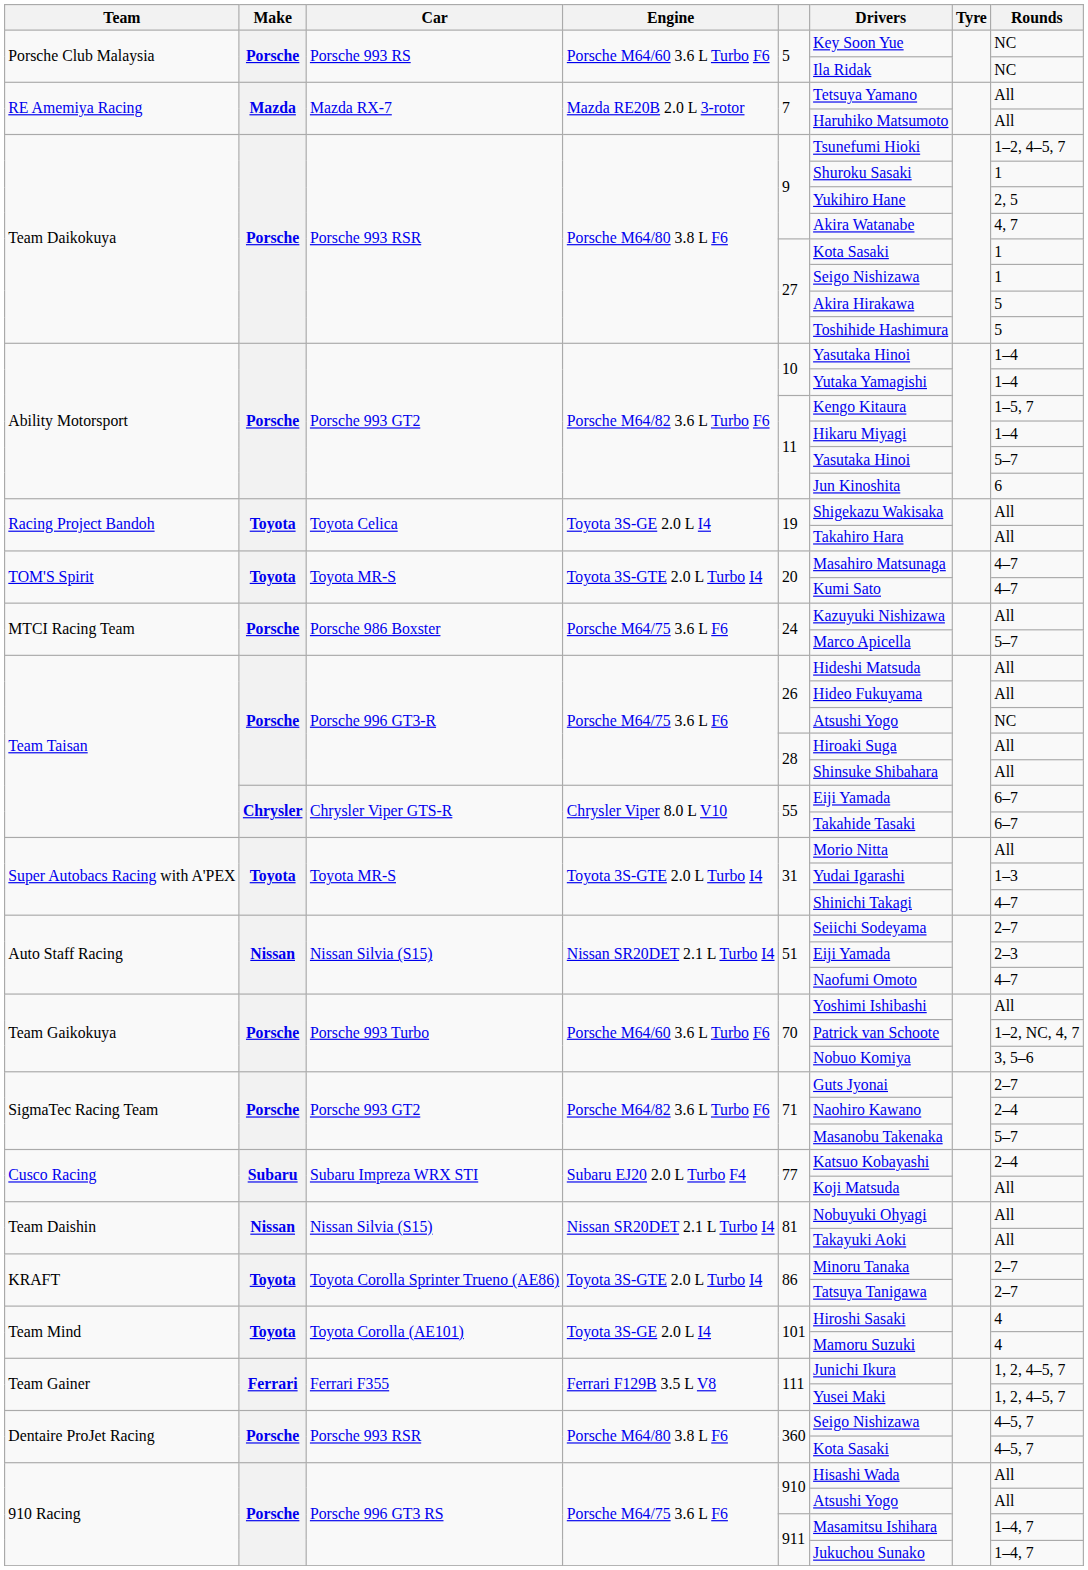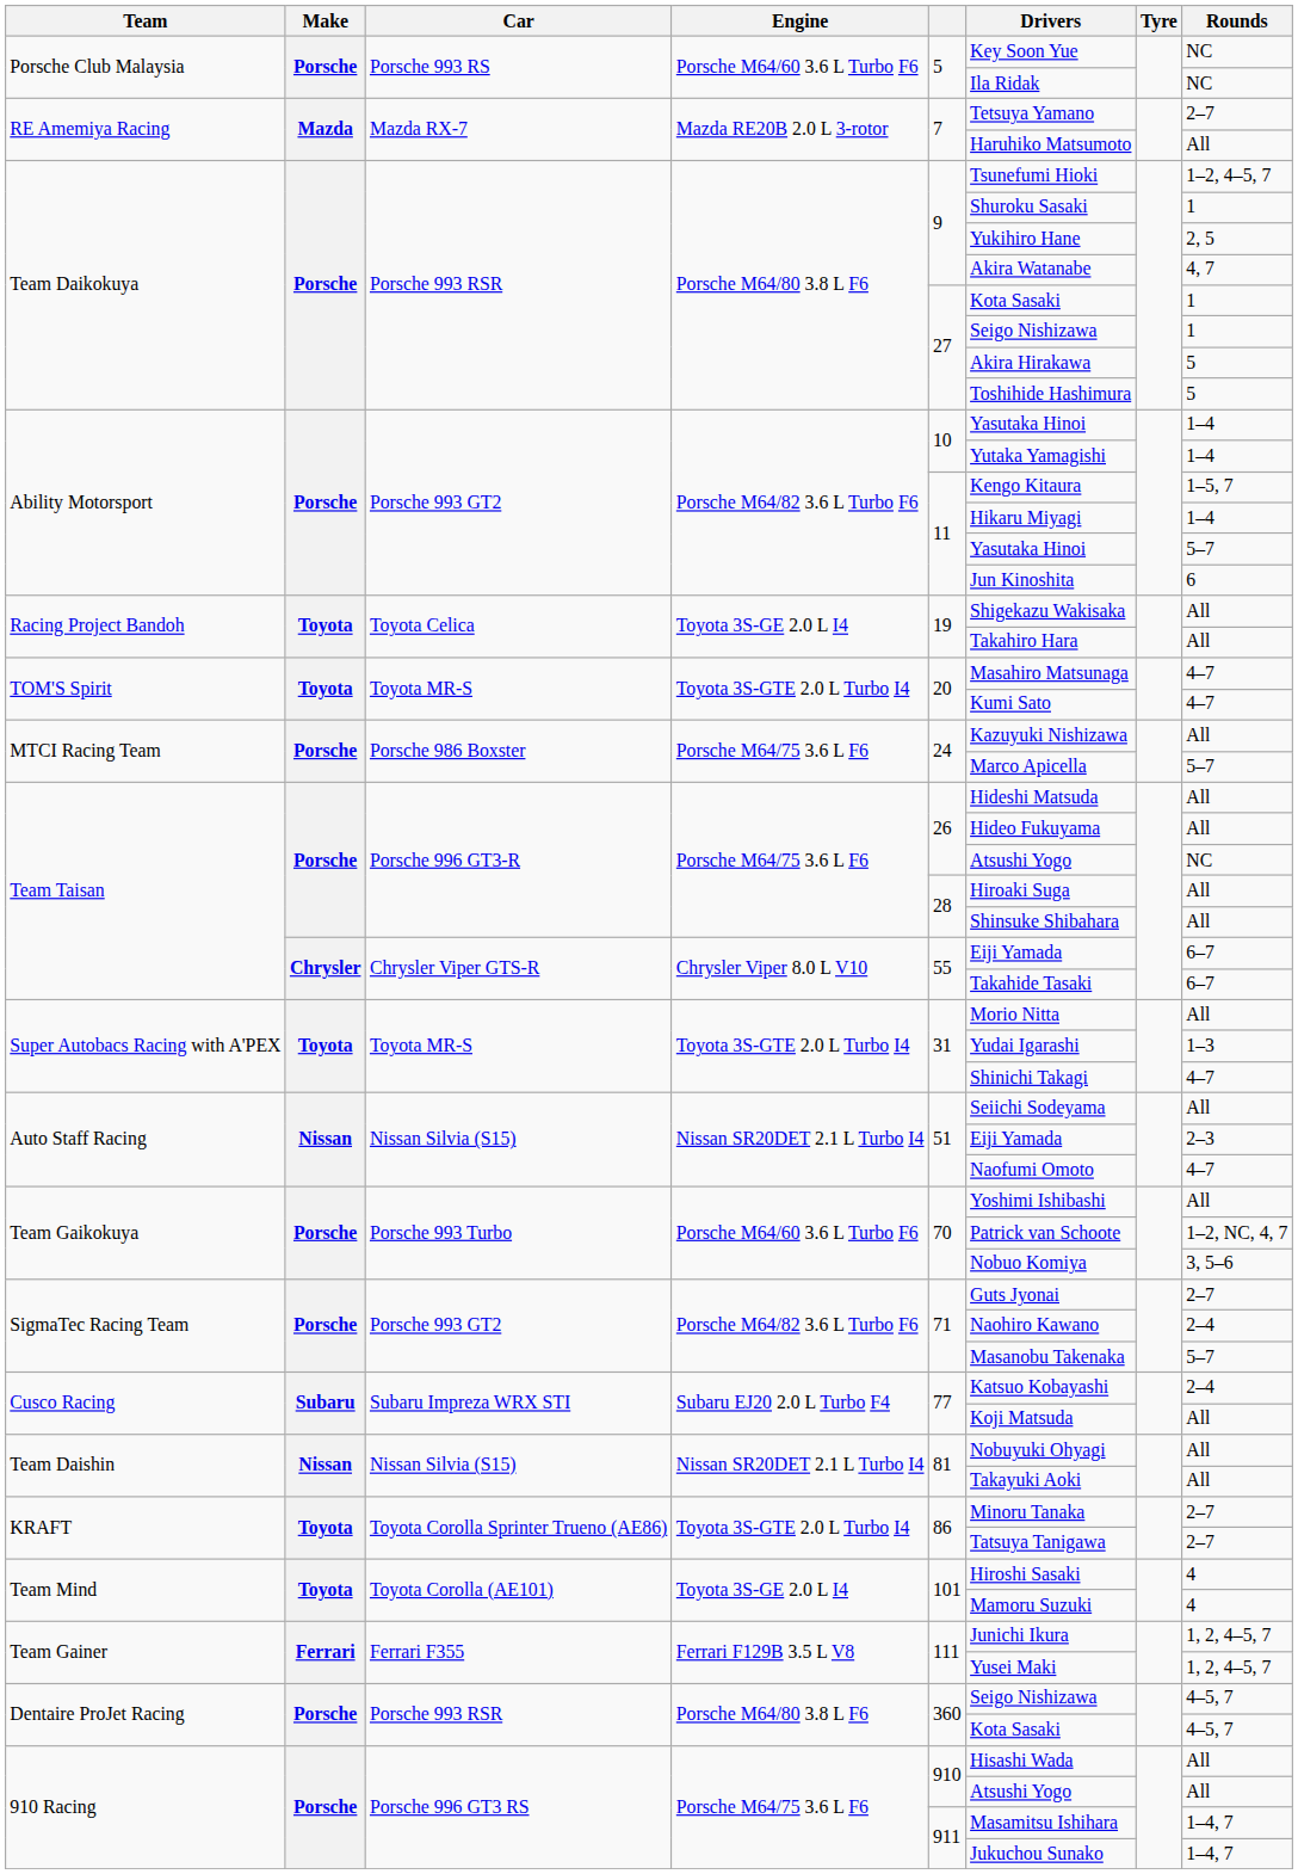 <table class="wikitable" style="font-size: 85%;">
 <tr>
 <th>Team</th>
 <th>Make</th>
 <th>Car</th>
 <th>Engine</th>
 <th></th>
 <th>Drivers</th>
 <th>Tyre</th>
 <th>Rounds</th>
 </tr>
 <tr>
 <td rowspan=2>Porsche Club Malaysia</td>
 <th rowspan=2><a href='#'>Porsche</a></th>
 <td rowspan=2><a href='#'>Porsche 993 RS</a></td>
 <td rowspan=2><a href='#'>Porsche M64/60</a> 3.6 L <a href='#'>Turbo</a> <a href='#'>F6</a></td>
 <td rowspan=2>5</td>
 <td> <a href='#'>Key Soon Yue</a></td>
 <td rowspan=2 align="center"></td>
 <td>NC</td>
 </tr>
 <tr>
 <td> <a href='#'>Ila Ridak</a></td>
 <td>NC</td>
 </tr>
 <tr>
 <td rowspan=2><a href='#'>RE Amemiya Racing</a></td>
 <th rowspan=2><a href='#'>Mazda</a></th>
 <td rowspan=2><a href='#'>Mazda RX-7</a></td>
 <td rowspan=2><a href='#'>Mazda RE20B</a> 2.0 L <a href='#'>3-rotor</a></td>
 <td rowspan=2>7</td>
 <td> <a href='#'>Tetsuya Yamano</a></td>
 <td align="center" rowspan=2></td>
-<td>All</td>
+<td>2–7</td>
 </tr>
 <tr>
 <td> <a href='#'>Haruhiko Matsumoto</a></td>
 <td>All</td>
 </tr>
 <tr>
 <td rowspan=8>Team Daikokuya</td>
 <th rowspan=8><a href='#'>Porsche</a></th>
 <td rowspan=8><a href='#'>Porsche 993 RSR</a></td>
 <td rowspan=8><a href='#'>Porsche M64/80</a> 3.8 L <a href='#'>F6</a></td>
 <td rowspan=4>9</td>
 <td> <a href='#'>Tsunefumi Hioki</a></td>
 <td align="center" rowspan=8></td>
 <td>1–2, 4–5, 7</td>
 </tr>
 <tr>
 <td> <a href='#'>Shuroku Sasaki</a></td>
 <td>1</td>
 </tr>
 <tr>
 <td> <a href='#'>Yukihiro Hane</a></td>
 <td>2, 5</td>
 </tr>
 <tr>
 <td> <a href='#'>Akira Watanabe</a></td>
 <td>4, 7</td>
 </tr>
 <tr>
 <td rowspan=4>27</td>
 <td> <a href='#'>Kota Sasaki</a></td>
 <td>1</td>
 </tr>
 <tr>
 <td> <a href='#'>Seigo Nishizawa</a></td>
 <td>1</td>
 </tr>
 <tr>
 <td> <a href='#'>Akira Hirakawa</a></td>
 <td>5</td>
 </tr>
 <tr>
 <td> <a href='#'>Toshihide Hashimura</a></td>
 <td>5</td>
 </tr>
 <tr>
 <td rowspan=6>Ability Motorsport</td>
 <th rowspan=6><a href='#'>Porsche</a></th>
 <td rowspan=6><a href='#'>Porsche 993 GT2</a></td>
 <td rowspan=6><a href='#'>Porsche M64/82</a> 3.6 L <a href='#'>Turbo</a> <a href='#'>F6</a></td>
 <td rowspan=2>10</td>
 <td> <a href='#'>Yasutaka Hinoi</a></td>
 <td align="center" rowspan=6></td>
 <td>1–4</td>
 </tr>
 <tr>
 <td> <a href='#'>Yutaka Yamagishi</a></td>
 <td>1–4</td>
 </tr>
 <tr>
 <td rowspan=4>11</td>
 <td> <a href='#'>Kengo Kitaura</a></td>
 <td>1–5, 7</td>
 </tr>
 <tr>
 <td> <a href='#'>Hikaru Miyagi</a></td>
 <td>1–4</td>
 </tr>
 <tr>
 <td> <a href='#'>Yasutaka Hinoi</a></td>
 <td>5–7</td>
 </tr>
 <tr>
 <td> <a href='#'>Jun Kinoshita</a></td>
 <td>6</td>
 </tr>
 <tr>
 <td rowspan=2><a href='#'>Racing Project Bandoh</a></td>
 <th rowspan=2><a href='#'>Toyota</a></th>
 <td rowspan=2><a href='#'>Toyota Celica</a></td>
 <td rowspan=2><a href='#'>Toyota 3S-GE</a> 2.0 L <a href='#'>I4</a></td>
 <td rowspan=2>19</td>
 <td> <a href='#'>Shigekazu Wakisaka</a></td>
 <td rowspan=2 align="center"></td>
 <td>All</td>
 </tr>
 <tr>
 <td> <a href='#'>Takahiro Hara</a></td>
 <td>All</td>
 </tr>
 <tr>
 <td rowspan=2><a href='#'>TOM'S Spirit</a></td>
 <th rowspan=2><a href='#'>Toyota</a></th>
 <td rowspan=2><a href='#'>Toyota MR-S</a></td>
 <td rowspan=2><a href='#'>Toyota 3S-GTE</a> 2.0 L <a href='#'>Turbo</a> <a href='#'>I4</a></td>
 <td rowspan=2>20</td>
 <td> <a href='#'>Masahiro Matsunaga</a></td>
 <td rowspan=2 align="center"></td>
 <td>4–7</td>
 </tr>
 <tr>
 <td> <a href='#'>Kumi Sato</a></td>
 <td>4–7</td>
 </tr>
 <tr>
 <td rowspan=2>MTCI Racing Team</td>
 <th rowspan=2><a href='#'>Porsche</a></th>
 <td rowspan=2><a href='#'>Porsche 986 Boxster</a></td>
 <td rowspan=2><a href='#'>Porsche M64/75</a> 3.6 L <a href='#'>F6</a></td>
 <td rowspan=2>24</td>
 <td> <a href='#'>Kazuyuki Nishizawa</a></td>
 <td rowspan=2 align="center"></td>
 <td>All</td>
 </tr>
 <tr>
 <td> <a href='#'>Marco Apicella</a></td>
 <td>5–7</td>
 </tr>
 <tr>
 <td rowspan=7><a href='#'>Team Taisan</a></td>
 <th rowspan=5><a href='#'>Porsche</a></th>
 <td rowspan=5><a href='#'>Porsche 996 GT3-R</a></td>
 <td rowspan=5><a href='#'>Porsche M64/75</a> 3.6 L <a href='#'>F6</a></td>
 <td rowspan=3>26</td>
 <td> <a href='#'>Hideshi Matsuda</a></td>
 <td align="center" rowspan=7></td>
 <td>All</td>
 </tr>
 <tr>
 <td> <a href='#'>Hideo Fukuyama</a></td>
 <td>All</td>
 </tr>
 <tr>
 <td> <a href='#'>Atsushi Yogo</a></td>
 <td>NC</td>
 </tr>
 <tr>
 <td rowspan=2>28</td>
 <td> <a href='#'>Hiroaki Suga</a></td>
 <td>All</td>
 </tr>
 <tr>
 <td> <a href='#'>Shinsuke Shibahara</a></td>
 <td>All</td>
 </tr>
 <tr>
 <th rowspan=2><a href='#'>Chrysler</a></th>
 <td rowspan=2><a href='#'>Chrysler Viper GTS-R</a></td>
 <td rowspan=2><a href='#'>Chrysler Viper</a> 8.0 L <a href='#'>V10</a></td>
 <td rowspan=2>55</td>
 <td> <a href='#'>Eiji Yamada</a></td>
 <td>6–7</td>
 </tr>
 <tr>
 <td> <a href='#'>Takahide Tasaki</a></td>
 <td>6–7</td>
 </tr>
 <tr>
 <td rowspan=3><a href='#'>Super Autobacs Racing</a> with A'PEX</td>
 <th rowspan=3><a href='#'>Toyota</a></th>
 <td rowspan=3><a href='#'>Toyota MR-S</a></td>
 <td rowspan=3><a href='#'>Toyota 3S-GTE</a> 2.0 L <a href='#'>Turbo</a> <a href='#'>I4</a></td>
 <td rowspan=3>31</td>
 <td> <a href='#'>Morio Nitta</a></td>
 <td rowspan=3 align="center"></td>
 <td>All</td>
 </tr>
 <tr>
 <td> <a href='#'>Yudai Igarashi</a></td>
 <td>1–3</td>
 </tr>
 <tr>
 <td> <a href='#'>Shinichi Takagi</a></td>
 <td>4–7</td>
 </tr>
 <tr>
 <td rowspan=3>Auto Staff Racing</td>
 <th rowspan=3><a href='#'>Nissan</a></th>
 <td rowspan=3><a href='#'>Nissan Silvia (S15)</a></td>
 <td rowspan=3><a href='#'>Nissan SR20DET</a> 2.1 L <a href='#'>Turbo</a> <a href='#'>I4</a></td>
 <td rowspan=3>51</td>
 <td> <a href='#'>Seiichi Sodeyama</a></td>
 <td rowspan=3 align="center"></td>
-<td>2–7</td>
+<td>All</td>
 </tr>
 <tr>
 <td> <a href='#'>Eiji Yamada</a></td>
 <td>2–3</td>
 </tr>
 <tr>
 <td> <a href='#'>Naofumi Omoto</a></td>
 <td>4–7</td>
 </tr>
 <tr>
 <td rowspan=3>Team Gaikokuya</td>
 <th rowspan=3><a href='#'>Porsche</a></th>
 <td rowspan=3><a href='#'>Porsche 993 Turbo</a></td>
 <td rowspan=3><a href='#'>Porsche M64/60</a> 3.6 L <a href='#'>Turbo</a> <a href='#'>F6</a></td>
 <td rowspan=3>70</td>
 <td> <a href='#'>Yoshimi Ishibashi</a></td>
 <td rowspan=3 align="center"></td>
 <td>All</td>
 </tr>
 <tr>
 <td> <a href='#'>Patrick van Schoote</a></td>
 <td>1–2, NC, 4, 7</td>
 </tr>
 <tr>
 <td> <a href='#'>Nobuo Komiya</a></td>
 <td>3, 5–6</td>
 </tr>
 <tr>
 <td rowspan=3>SigmaTec Racing Team</td>
 <th rowspan=3><a href='#'>Porsche</a></th>
 <td rowspan=3><a href='#'>Porsche 993 GT2</a></td>
 <td rowspan=3><a href='#'>Porsche M64/82</a> 3.6 L <a href='#'>Turbo</a> <a href='#'>F6</a></td>
 <td rowspan=3>71</td>
 <td> <a href='#'>Guts Jyonai</a></td>
 <td rowspan=3 align="center"></td>
 <td>2–7</td>
 </tr>
 <tr>
 <td> <a href='#'>Naohiro Kawano</a></td>
 <td>2–4</td>
 </tr>
 <tr>
 <td> <a href='#'>Masanobu Takenaka</a></td>
 <td>5–7</td>
 </tr>
 <tr>
 <td rowspan=2><a href='#'>Cusco Racing</a></td>
 <th rowspan=2><a href='#'>Subaru</a></th>
 <td rowspan=2><a href='#'>Subaru Impreza WRX STI</a></td>
 <td rowspan=2><a href='#'>Subaru EJ20</a> 2.0 L <a href='#'>Turbo</a> <a href='#'>F4</a></td>
 <td rowspan=2>77</td>
 <td> <a href='#'>Katsuo Kobayashi</a></td>
 <td rowspan=2 align="center"></td>
 <td>2–4</td>
 </tr>
 <tr>
 <td> <a href='#'>Koji Matsuda</a></td>
 <td>All</td>
 </tr>
 <tr>
 <td rowspan=2>Team Daishin</td>
 <th rowspan=2><a href='#'>Nissan</a></th>
 <td rowspan=2><a href='#'>Nissan Silvia (S15)</a></td>
 <td rowspan=2><a href='#'>Nissan SR20DET</a> 2.1 L <a href='#'>Turbo</a> <a href='#'>I4</a></td>
 <td rowspan=2>81</td>
 <td> <a href='#'>Nobuyuki Ohyagi</a></td>
 <td rowspan=2 align="center"></td>
 <td>All</td>
 </tr>
 <tr>
 <td> <a href='#'>Takayuki Aoki</a></td>
 <td>All</td>
 </tr>
 <tr>
 <td rowspan=2>KRAFT</td>
 <th rowspan=2><a href='#'>Toyota</a></th>
 <td rowspan=2><a href='#'>Toyota Corolla Sprinter Trueno (AE86)</a></td>
 <td rowspan=2><a href='#'>Toyota 3S-GTE</a> 2.0 L <a href='#'>Turbo</a> <a href='#'>I4</a></td>
 <td rowspan=2>86</td>
 <td> <a href='#'>Minoru Tanaka</a></td>
 <td rowspan=2 align="center"></td>
 <td>2–7</td>
 </tr>
 <tr>
 <td> <a href='#'>Tatsuya Tanigawa</a></td>
 <td>2–7</td>
 </tr>
 <tr>
 <td rowspan=2>Team Mind</td>
 <th rowspan=2><a href='#'>Toyota</a></th>
 <td rowspan=2><a href='#'>Toyota Corolla (AE101)</a></td>
 <td rowspan=2><a href='#'>Toyota 3S-GE</a> 2.0 L <a href='#'>I4</a></td>
 <td rowspan=2>101</td>
 <td> <a href='#'>Hiroshi Sasaki</a></td>
 <td rowspan=2 align="center"></td>
 <td>4</td>
 </tr>
 <tr>
 <td> <a href='#'>Mamoru Suzuki</a></td>
 <td>4</td>
 </tr>
 <tr>
 <td rowspan=2>Team Gainer</td>
 <th rowspan=2><a href='#'>Ferrari</a></th>
 <td rowspan=2><a href='#'>Ferrari F355</a></td>
 <td rowspan=2><a href='#'>Ferrari F129B</a> 3.5 L <a href='#'>V8</a></td>
 <td rowspan=2>111</td>
 <td> <a href='#'>Junichi Ikura</a></td>
 <td rowspan=2 align="center"></td>
 <td>1, 2, 4–5, 7</td>
 </tr>
 <tr>
 <td> <a href='#'>Yusei Maki</a></td>
 <td>1, 2, 4–5, 7</td>
 </tr>
 <tr>
 <td rowspan=2>Dentaire ProJet Racing</td>
 <th rowspan=2><a href='#'>Porsche</a></th>
 <td rowspan=2><a href='#'>Porsche 993 RSR</a></td>
 <td rowspan=2><a href='#'>Porsche M64/80</a> 3.8 L <a href='#'>F6</a></td>
 <td rowspan=2>360</td>
 <td> <a href='#'>Seigo Nishizawa</a></td>
 <td rowspan=2 align="center"></td>
 <td>4–5, 7</td>
 </tr>
 <tr>
 <td> <a href='#'>Kota Sasaki</a></td>
 <td>4–5, 7</td>
 </tr>
 <tr>
 <td rowspan=4>910 Racing</td>
 <th rowspan=4><a href='#'>Porsche</a></th>
 <td rowspan=4><a href='#'>Porsche 996 GT3 RS</a></td>
 <td rowspan=4><a href='#'>Porsche M64/75</a> 3.6 L <a href='#'>F6</a></td>
 <td rowspan=2>910</td>
 <td> <a href='#'>Hisashi Wada</a></td>
 <td rowspan=4 align="center"></td>
 <td>All</td>
 </tr>
 <tr>
 <td> <a href='#'>Atsushi Yogo</a></td>
 <td>All</td>
 </tr>
 <tr>
 <td rowspan=2>911</td>
 <td> <a href='#'>Masamitsu Ishihara</a></td>
 <td>1–4, 7</td>
 </tr>
 <tr>
 <td> <a href='#'>Jukuchou Sunako</a></td>
 <td>1–4, 7</td>
 </tr>
 <tr>
 </tr>
 </table>
